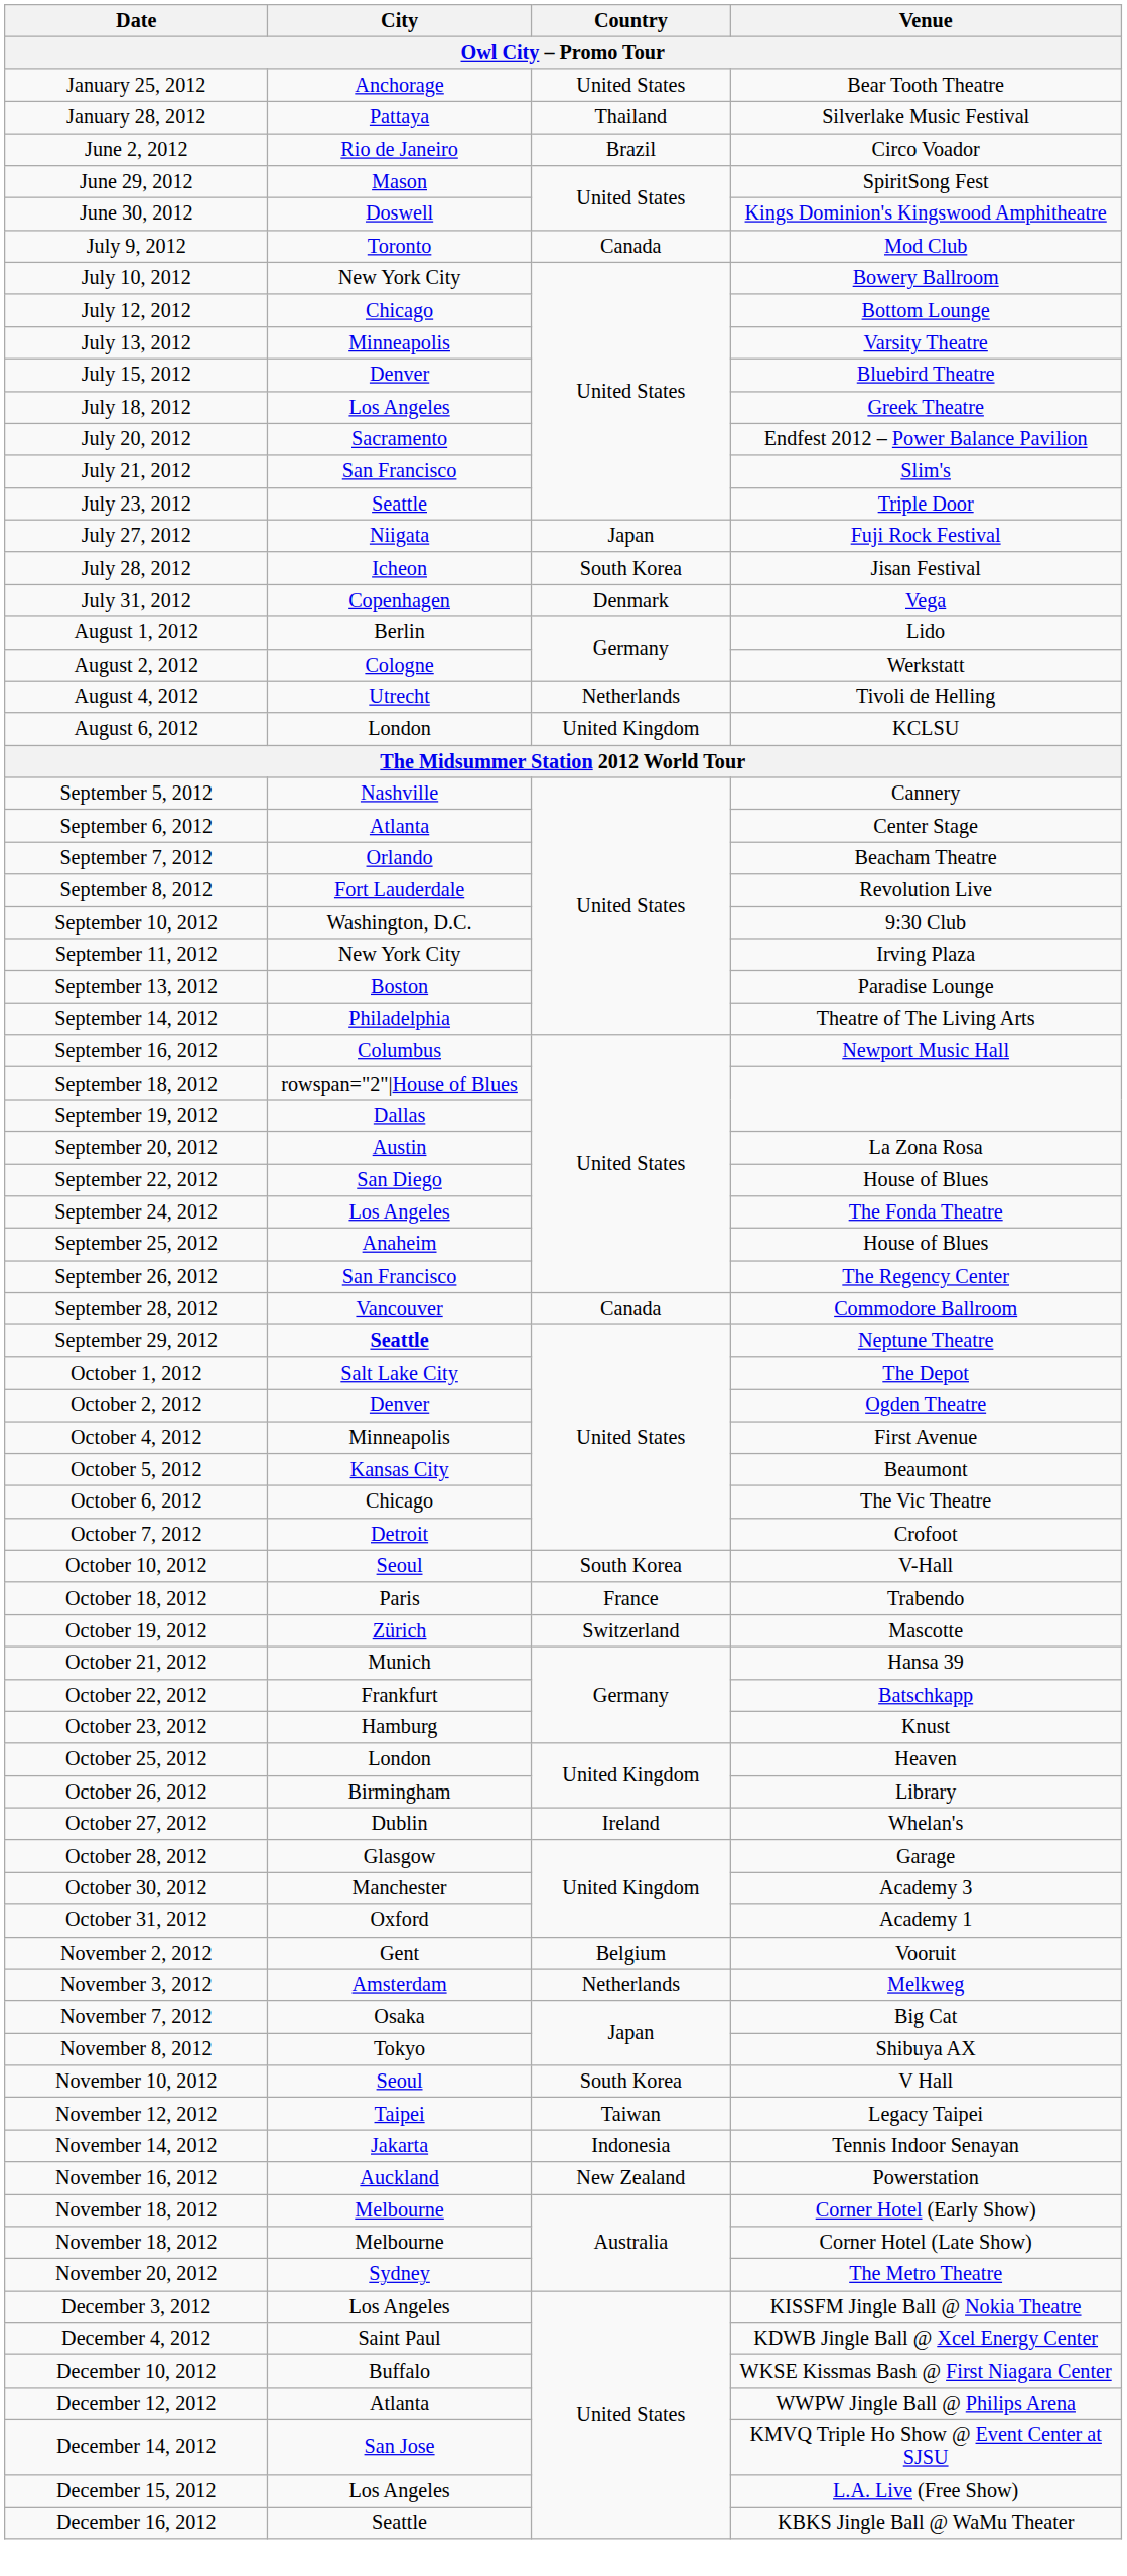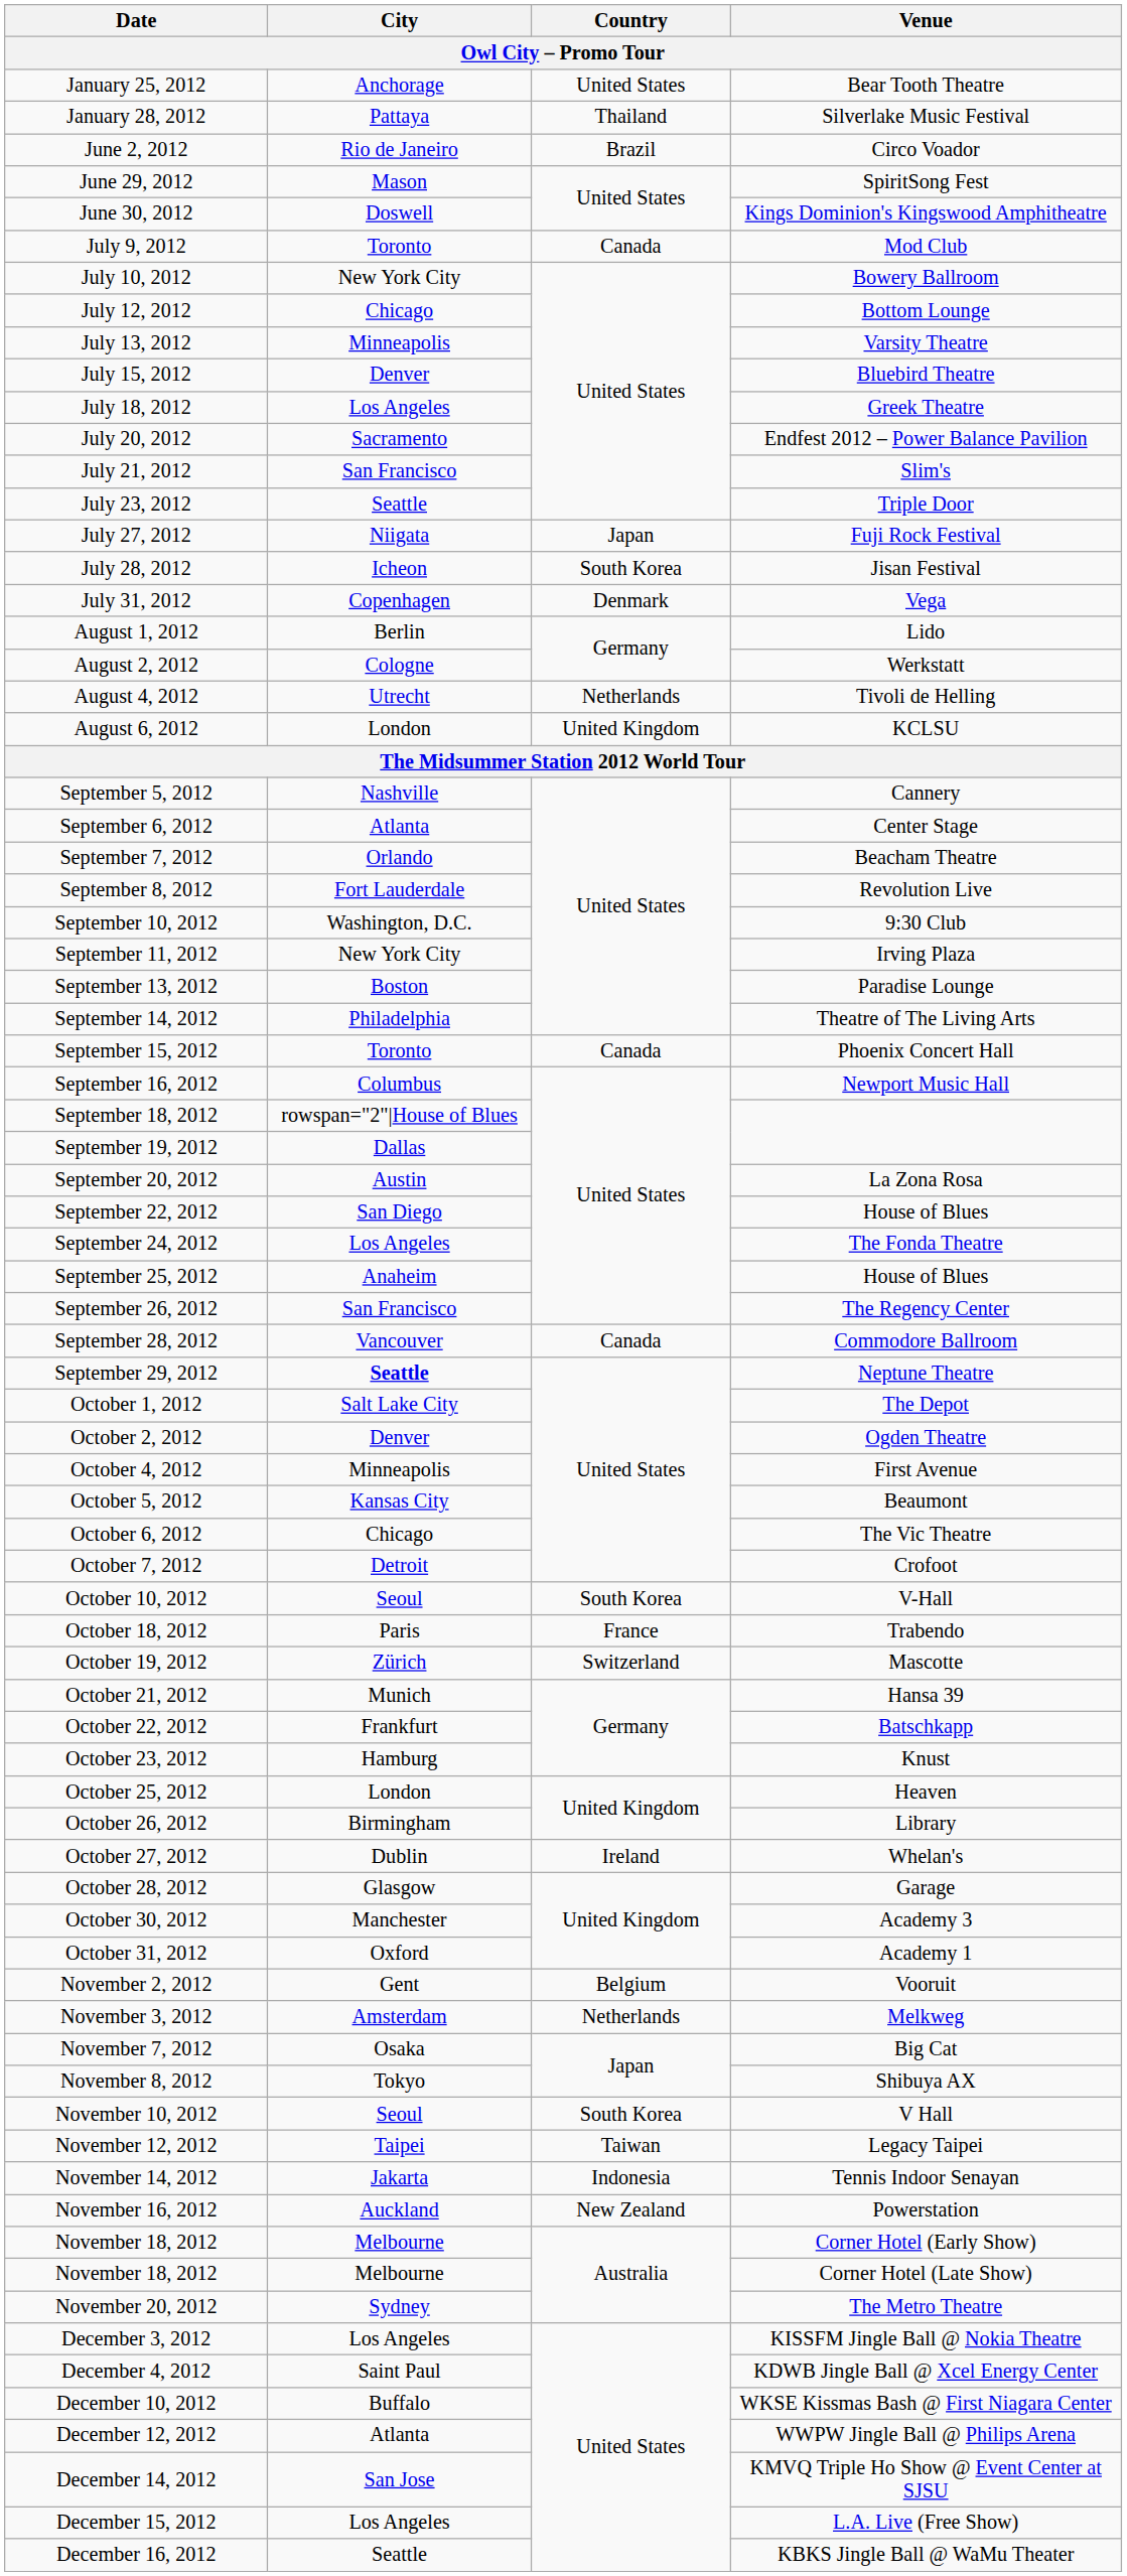 <table class="wikitable" style="text-align:center;">
 <tr>
 <th width="200">Date</th>
 <th width="200">City</th>
 <th width="150">Country</th>
 <th width="300">Venue</th>
 </tr>
 <tr>
 <th colspan="4"><a href='#'>Owl City</a> – Promo Tour</th>
 </tr>
 <tr>
 <td>January 25, 2012</td>
 <td><a href='#'>Anchorage</a></td>
 <td>United States</td>
 <td>Bear Tooth Theatre</td>
 </tr>
 <tr>
 <td>January 28, 2012</td>
 <td><a href='#'>Pattaya</a></td>
 <td>Thailand</td>
 <td>Silverlake Music Festival</td>
 </tr>
 <tr>
 <td>June 2, 2012</td>
 <td><a href='#'>Rio de Janeiro</a></td>
 <td>Brazil</td>
 <td>Circo Voador</td>
 </tr>
 <tr>
 <td>June 29, 2012</td>
 <td><a href='#'>Mason</a></td>
 <td rowspan="2">United States</td>
 <td>SpiritSong Fest</td>
 </tr>
 <tr>
 <td>June 30, 2012</td>
 <td><a href='#'>Doswell</a></td>
 <td><a href='#'>Kings Dominion's Kingswood Amphitheatre</a></td>
 </tr>
 <tr>
 <td>July 9, 2012</td>
 <td><a href='#'>Toronto</a></td>
 <td>Canada</td>
 <td><a href='#'>Mod Club</a></td>
 </tr>
 <tr>
 <td>July 10, 2012</td>
 <td>New York City</td>
 <td rowspan="8">United States</td>
 <td><a href='#'>Bowery Ballroom</a></td>
 </tr>
 <tr>
 <td>July 12, 2012</td>
 <td><a href='#'>Chicago</a></td>
 <td><a href='#'>Bottom Lounge</a></td>
 </tr>
 <tr>
 <td>July 13, 2012</td>
 <td><a href='#'>Minneapolis</a></td>
 <td><a href='#'>Varsity Theatre</a></td>
 </tr>
 <tr>
 <td>July 15, 2012</td>
 <td><a href='#'>Denver</a></td>
 <td><a href='#'>Bluebird Theatre</a></td>
 </tr>
 <tr>
 <td>July 18, 2012</td>
 <td><a href='#'>Los Angeles</a></td>
 <td><a href='#'>Greek Theatre</a></td>
 </tr>
 <tr>
 <td>July 20, 2012</td>
 <td><a href='#'>Sacramento</a></td>
 <td>Endfest 2012 – <a href='#'>Power Balance Pavilion</a></td>
 </tr>
 <tr>
 <td>July 21, 2012</td>
 <td><a href='#'>San Francisco</a></td>
 <td><a href='#'>Slim's</a></td>
 </tr>
 <tr>
 <td>July 23, 2012</td>
 <td><a href='#'>Seattle</a></td>
 <td><a href='#'>Triple Door</a></td>
 </tr>
 <tr>
 <td>July 27, 2012</td>
 <td><a href='#'>Niigata</a></td>
 <td>Japan</td>
 <td><a href='#'>Fuji Rock Festival</a></td>
 </tr>
 <tr>
 <td>July 28, 2012</td>
 <td><a href='#'>Icheon</a></td>
 <td>South Korea</td>
 <td>Jisan Festival</td>
 </tr>
 <tr>
 <td>July 31, 2012</td>
 <td><a href='#'>Copenhagen</a></td>
 <td>Denmark</td>
 <td><a href='#'>Vega</a></td>
 </tr>
 <tr>
 <td>August 1, 2012</td>
 <td>Berlin</td>
 <td rowspan="2">Germany</td>
 <td>Lido</td>
 </tr>
 <tr>
 <td>August 2, 2012</td>
 <td><a href='#'>Cologne</a></td>
 <td>Werkstatt</td>
 </tr>
 <tr>
 <td>August 4, 2012</td>
 <td><a href='#'>Utrecht</a></td>
 <td>Netherlands</td>
 <td>Tivoli de Helling</td>
 </tr>
 <tr>
 <td>August 6, 2012</td>
 <td>London</td>
 <td>United Kingdom</td>
 <td>KCLSU</td>
 </tr>
 <tr>
 <th colspan="4"><a href='#'>The Midsummer Station</a> 2012 World Tour</th>
 </tr>
 <tr>
 <td>September 5, 2012</td>
 <td><a href='#'>Nashville</a></td>
 <td rowspan="8">United States</td>
 <td>Cannery</td>
 </tr>
 <tr>
 <td>September 6, 2012</td>
 <td><a href='#'>Atlanta</a></td>
 <td>Center Stage</td>
 </tr>
 <tr>
 <td>September 7, 2012</td>
 <td><a href='#'>Orlando</a></td>
 <td>Beacham Theatre</td>
 </tr>
 <tr>
 <td>September 8, 2012</td>
 <td><a href='#'>Fort Lauderdale</a></td>
 <td>Revolution Live</td>
 </tr>
 <tr>
 <td>September 10, 2012</td>
 <td>Washington, D.C.</td>
 <td>9:30 Club</td>
 </tr>
 <tr>
 <td>September 11, 2012</td>
 <td>New York City</td>
 <td>Irving Plaza</td>
 </tr>
 <tr>
 <td>September 13, 2012</td>
 <td><a href='#'>Boston</a></td>
 <td>Paradise Lounge</td>
 </tr>
 <tr>
 <td>September 14, 2012</td>
 <td><a href='#'>Philadelphia</a></td>
 <td>Theatre of The Living Arts</td>
+</tr>
+<tr>
+<td>September 15, 2012</td>
+<td><a href='#'>Toronto</a></td>
+<td>Canada</td>
+<td>Phoenix Concert Hall</td>
 </tr>
 <tr>
 <td>September 16, 2012</td>
 <td><a href='#'>Columbus</a></td>
 <td rowspan="8">United States</td>
 <td><a href='#'>Newport Music Hall</a></td>
 </tr>
 <tr>
 <td>September 18, 2012</td>
 <td>rowspan="2"|<a href='#'>House of Blues</a></td>
 </tr>
 <tr>
 <td>September 19, 2012</td>
 <td><a href='#'>Dallas</a></td>
 </tr>
 <tr>
 <td>September 20, 2012</td>
 <td><a href='#'>Austin</a></td>
 <td>La Zona Rosa</td>
 </tr>
 <tr>
 <td>September 22, 2012</td>
 <td><a href='#'>San Diego</a></td>
 <td>House of Blues</td>
 </tr>
 <tr>
 <td>September 24, 2012</td>
 <td><a href='#'>Los Angeles</a></td>
 <td><a href='#'>The Fonda Theatre</a></td>
 </tr>
 <tr>
 <td>September 25, 2012</td>
 <td><a href='#'>Anaheim</a></td>
 <td>House of Blues</td>
 </tr>
 <tr>
 <td>September 26, 2012</td>
 <td><a href='#'>San Francisco</a></td>
 <td><a href='#'>The Regency Center</a></td>
 </tr>
 <tr>
 <td>September 28, 2012</td>
 <td><a href='#'>Vancouver</a></td>
 <td>Canada</td>
 <td><a href='#'>Commodore Ballroom</a></td>
 </tr>
 <tr>
 <td>September 29, 2012</td>
 <td><strong><a href='#'>Seattle</a></strong></td>
 <td rowspan="7">United States</td>
 <td><a href='#'>Neptune Theatre</a></td>
 </tr>
 <tr>
 <td>October 1, 2012</td>
 <td><a href='#'>Salt Lake City</a></td>
 <td><a href='#'>The Depot</a></td>
 </tr>
 <tr>
 <td>October 2, 2012</td>
 <td><a href='#'>Denver</a></td>
 <td><a href='#'>Ogden Theatre</a></td>
 </tr>
 <tr>
 <td>October 4, 2012</td>
 <td>Minneapolis</td>
 <td>First Avenue</td>
 </tr>
 <tr>
 <td>October 5, 2012</td>
 <td><a href='#'>Kansas City</a></td>
 <td>Beaumont</td>
 </tr>
 <tr>
 <td>October 6, 2012</td>
 <td>Chicago</td>
 <td>The Vic Theatre</td>
 </tr>
 <tr>
 <td>October 7, 2012</td>
 <td><a href='#'>Detroit</a></td>
 <td>Crofoot</td>
 </tr>
 <tr>
 <td>October 10, 2012</td>
 <td><a href='#'>Seoul</a></td>
 <td>South Korea</td>
 <td>V-Hall</td>
 </tr>
 <tr>
 <td>October 18, 2012</td>
 <td>Paris</td>
 <td>France</td>
 <td>Trabendo</td>
 </tr>
 <tr>
 <td>October 19, 2012</td>
 <td><a href='#'>Zürich</a></td>
 <td>Switzerland</td>
 <td>Mascotte</td>
 </tr>
 <tr>
 <td>October 21, 2012</td>
 <td>Munich</td>
 <td rowspan="3">Germany</td>
 <td>Hansa 39</td>
 </tr>
 <tr>
 <td>October 22, 2012</td>
 <td>Frankfurt</td>
 <td><a href='#'>Batschkapp</a></td>
 </tr>
 <tr>
 <td>October 23, 2012</td>
 <td>Hamburg</td>
 <td>Knust</td>
 </tr>
 <tr>
 <td>October 25, 2012</td>
 <td>London</td>
 <td rowspan="2">United Kingdom</td>
 <td>Heaven</td>
 </tr>
 <tr>
 <td>October 26, 2012</td>
 <td>Birmingham</td>
 <td>Library</td>
 </tr>
 <tr>
 <td>October 27, 2012</td>
 <td>Dublin</td>
 <td>Ireland</td>
 <td>Whelan's</td>
 </tr>
 <tr>
 <td>October 28, 2012</td>
 <td>Glasgow</td>
 <td rowspan="3">United Kingdom</td>
 <td>Garage</td>
 </tr>
 <tr>
 <td>October 30, 2012</td>
 <td>Manchester</td>
 <td>Academy 3</td>
 </tr>
 <tr>
 <td>October 31, 2012</td>
 <td>Oxford</td>
 <td>Academy 1</td>
 </tr>
 <tr>
 <td>November 2, 2012</td>
 <td>Gent</td>
 <td>Belgium</td>
 <td>Vooruit</td>
 </tr>
 <tr>
 <td>November 3, 2012</td>
 <td><a href='#'>Amsterdam</a></td>
 <td>Netherlands</td>
 <td><a href='#'>Melkweg</a></td>
 </tr>
 <tr>
 <td>November 7, 2012</td>
 <td>Osaka</td>
 <td rowspan="2">Japan</td>
 <td>Big Cat</td>
 </tr>
 <tr>
 <td>November 8, 2012</td>
 <td>Tokyo</td>
 <td>Shibuya AX</td>
 </tr>
 <tr>
 <td>November 10, 2012</td>
 <td><a href='#'>Seoul</a></td>
 <td>South Korea</td>
 <td>V Hall</td>
 </tr>
 <tr>
 <td>November 12, 2012</td>
 <td><a href='#'>Taipei</a></td>
 <td>Taiwan</td>
 <td>Legacy Taipei</td>
 </tr>
 <tr>
 <td>November 14, 2012</td>
 <td><a href='#'>Jakarta</a></td>
 <td>Indonesia</td>
 <td>Tennis Indoor Senayan</td>
 </tr>
 <tr>
 <td>November 16, 2012</td>
 <td><a href='#'>Auckland</a></td>
 <td>New Zealand</td>
 <td>Powerstation</td>
 </tr>
 <tr>
 <td>November 18, 2012</td>
 <td><a href='#'>Melbourne</a></td>
 <td rowspan="3">Australia</td>
 <td><a href='#'>Corner Hotel</a> (Early Show)</td>
 </tr>
 <tr>
 <td>November 18, 2012</td>
 <td>Melbourne</td>
 <td>Corner Hotel (Late Show)</td>
 </tr>
 <tr>
 <td>November 20, 2012</td>
 <td><a href='#'>Sydney</a></td>
 <td><a href='#'>The Metro Theatre</a></td>
 </tr>
 <tr>
 <td>December 3, 2012</td>
 <td>Los Angeles</td>
 <td rowspan="7">United States</td>
 <td>KISSFM Jingle Ball @ <a href='#'>Nokia Theatre</a></td>
 </tr>
 <tr>
 <td>December 4, 2012</td>
 <td>Saint Paul</td>
 <td>KDWB Jingle Ball @ <a href='#'>Xcel Energy Center</a></td>
 </tr>
 <tr>
 <td>December 10, 2012</td>
 <td>Buffalo</td>
 <td>WKSE Kissmas Bash @ <a href='#'>First Niagara Center</a></td>
 </tr>
 <tr>
 <td>December 12, 2012</td>
 <td>Atlanta</td>
 <td>WWPW Jingle Ball @ <a href='#'>Philips Arena</a></td>
 </tr>
 <tr>
 <td>December 14, 2012</td>
 <td><a href='#'>San Jose</a></td>
 <td>KMVQ Triple Ho Show @ <a href='#'>Event Center at SJSU</a></td>
 </tr>
 <tr>
 <td>December 15, 2012</td>
 <td>Los Angeles</td>
 <td><a href='#'>L.A. Live</a> (Free Show)</td>
 </tr>
 <tr>
 <td>December 16, 2012</td>
 <td>Seattle</td>
 <td>KBKS Jingle Ball @ WaMu Theater</td>
 </tr>
 </table>
